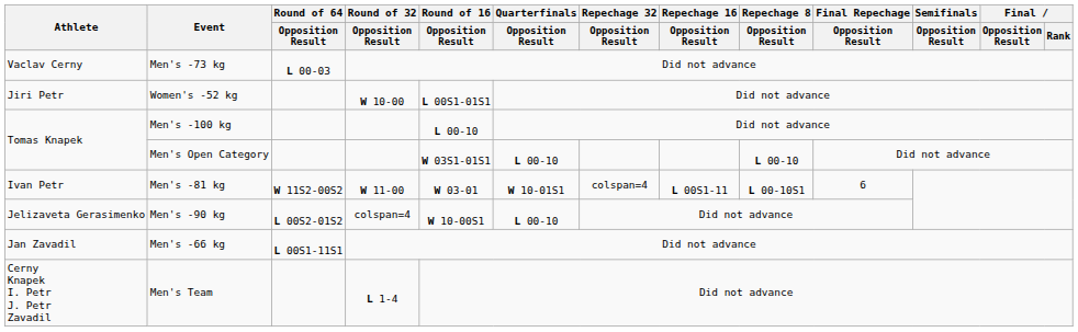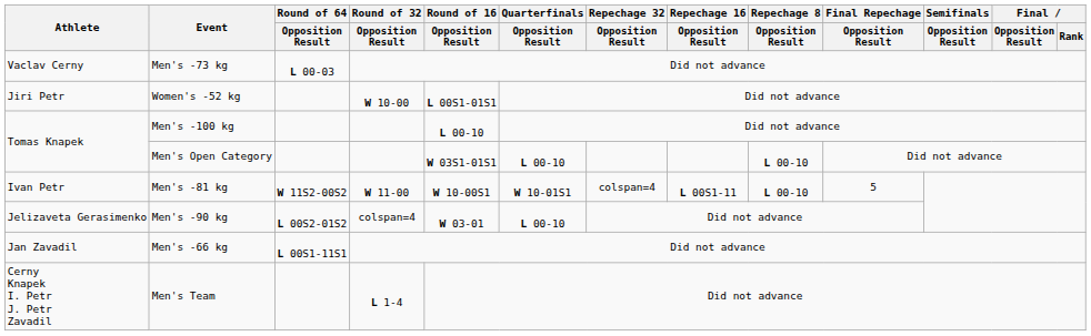 <table class="wikitable" style="font-size:90%">
 <tr>
 <th rowspan="2">Athlete</th>
 <th rowspan="2">Event</th>
 <th>Round of 64</th>
 <th>Round of 32</th>
 <th>Round of 16</th>
 <th>Quarterfinals</th>
 <th>Repechage 32</th>
 <th>Repechage 16</th>
 <th>Repechage 8</th>
 <th>Final Repechage</th>
 <th>Semifinals</th>
 <th colspan=2>Final / </th>
 </tr>
 <tr style="font-size:95%">
 <th>Opposition<br>Result</th>
 <th>Opposition<br>Result</th>
 <th>Opposition<br>Result</th>
 <th>Opposition<br>Result</th>
 <th>Opposition<br>Result</th>
 <th>Opposition<br>Result</th>
 <th>Opposition<br>Result</th>
 <th>Opposition<br>Result</th>
 <th>Opposition<br>Result</th>
 <th>Opposition<br>Result</th>
 <th>Rank</th>
 </tr>
 <tr align=center>
 <td align=left>Vaclav Cerny</td>
 <td align=left>Men's -73 kg</td>
 <td><br><strong>L</strong> 00-03</td>
 <td colspan=10>Did not advance</td>
 </tr>
 <tr align=center>
 <td align=left>Jiri Petr</td>
 <td align=left>Women's -52 kg</td>
 <td></td>
 <td><br><strong>W</strong> 10-00</td>
 <td><br><strong>L</strong> 00S1-01S1</td>
 <td colspan=8>Did not advance</td>
 </tr>
 <tr align=center>
 <td align=left rowspan=2>Tomas Knapek</td>
 <td align=left>Men's -100 kg</td>
 <td></td>
 <td></td>
 <td><br><strong>L</strong> 00-10</td>
 <td colspan=8>Did not advance</td>
 </tr>
 <tr align=center>
 <td align=left>Men's Open Category</td>
 <td></td>
 <td></td>
 <td><br><strong>W</strong> 03S1-01S1</td>
 <td><br><strong>L</strong> 00-10</td>
 <td></td>
 <td></td>
 <td><br><strong>L</strong> 00-10</td>
 <td colspan=4>Did not advance</td>
 </tr>
 <tr align=center>
 <td align=left>Ivan Petr</td>
 <td align=left>Men's -81 kg</td>
 <td><br><strong>W</strong> 11S2-00S2</td>
 <td><br><strong>W</strong> 11-00</td>
-<td><br><strong>W</strong> 03-01</td>
+<td><br><strong>W</strong> 10-00S1</td>
 <td><br><strong>W</strong> 10-01S1</td>
 <td>colspan=4 </td>
 <td><br><strong>L</strong> 00S1-11</td>
-<td><br><strong>L</strong> 00-10S1</td>
-<td>6</td>
+<td><br><strong>L</strong> 00-10</td>
+<td>5</td>
 </tr>
 <tr align=center>
 <td align=left>Jelizaveta Gerasimenko</td>
 <td align=left>Men's -90 kg</td>
 <td><br><strong>L</strong> 00S2-01S2</td>
 <td>colspan=4 </td>
-<td><br><strong>W</strong> 10-00S1</td>
+<td><br><strong>W</strong> 03-01</td>
 <td><br><strong>L</strong> 00-10</td>
 <td colspan=4>Did not advance</td>
 </tr>
 <tr align=center>
 <td align=left>Jan Zavadil</td>
 <td align=left>Men's -66 kg</td>
 <td><br><strong>L</strong> 00S1-11S1</td>
 <td colspan=10>Did not advance</td>
 </tr>
 <tr align=center>
 <td align=left>Cerny<br>Knapek<br>I. Petr<br>J. Petr<br>Zavadil</td>
 <td align=left>Men's Team</td>
 <td></td>
 <td><br><strong>L</strong> 1-4</td>
 <td colspan=9>Did not advance</td>
 </tr>
 </table>
